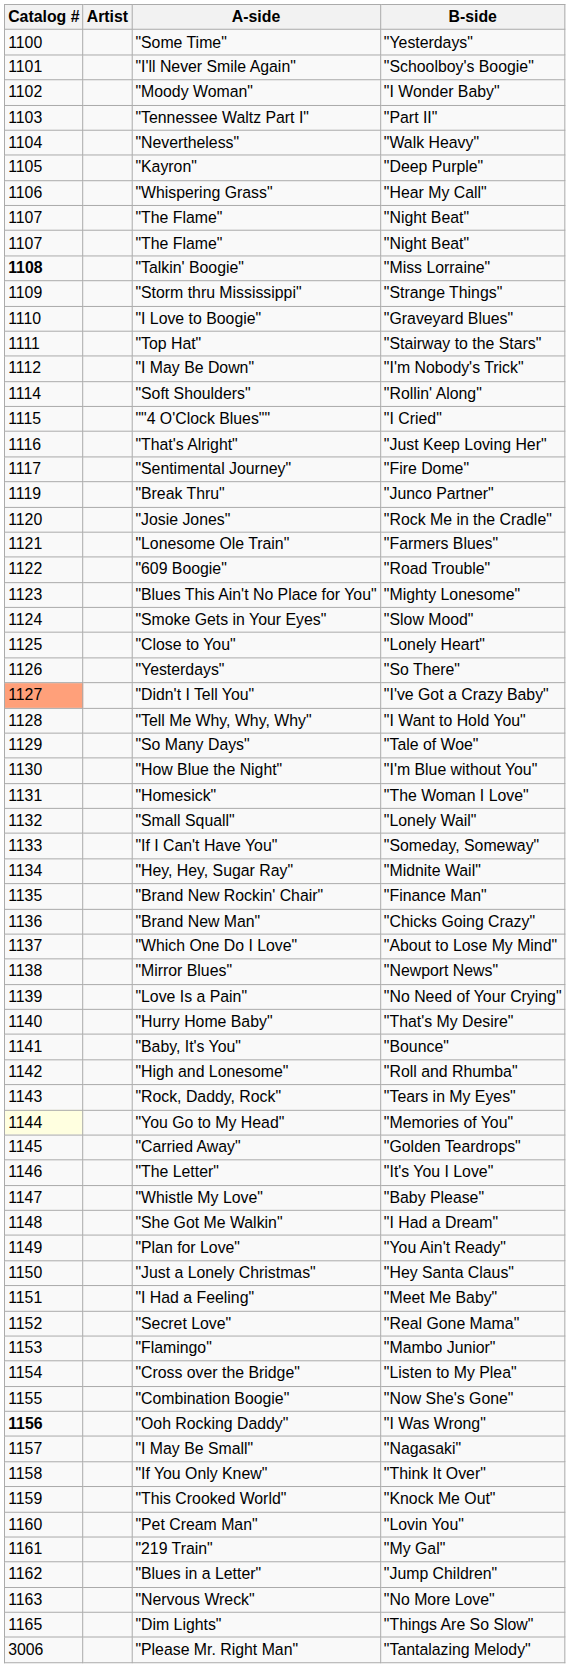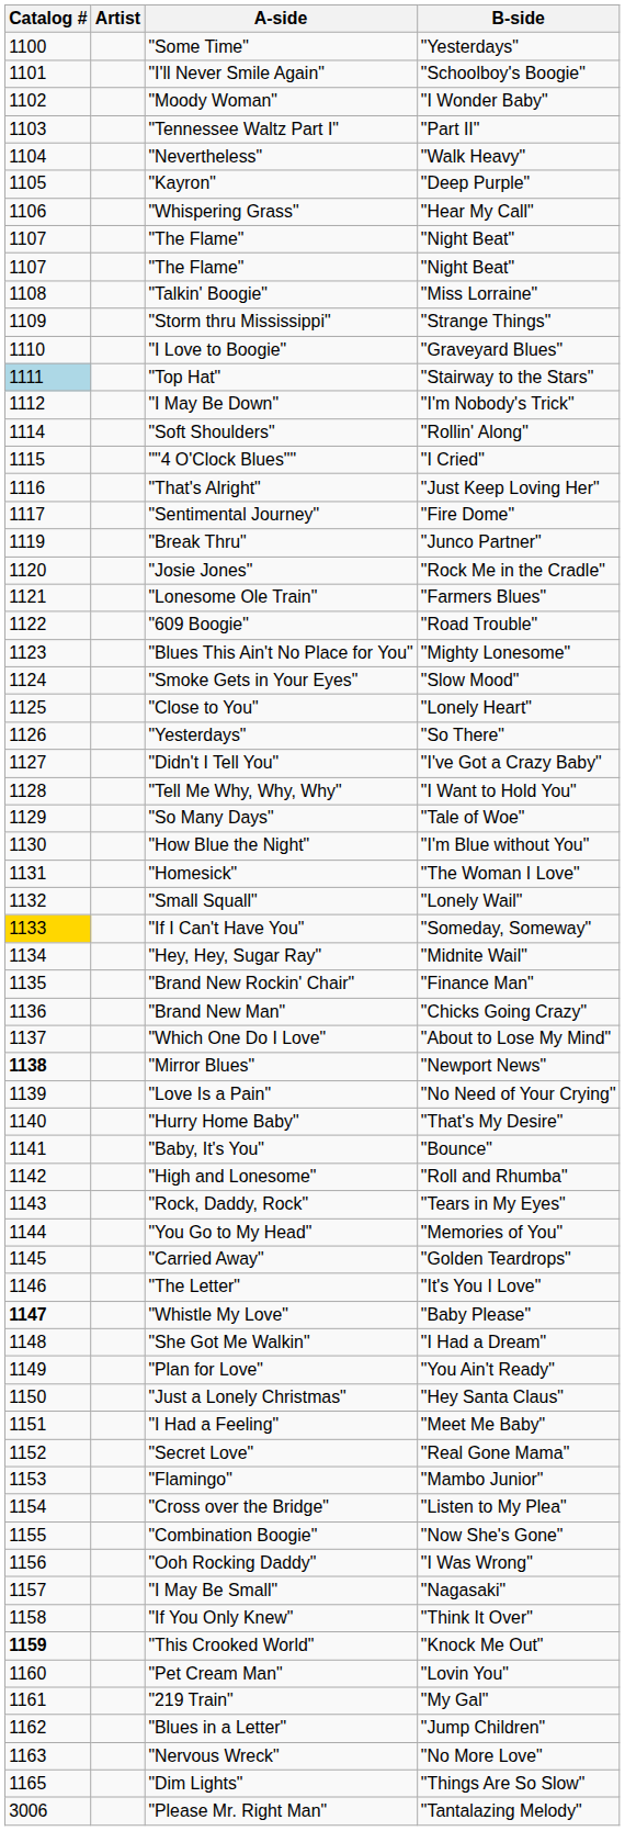 <table class="wikitable sortable">
 <tr>
 <th>Catalog #</th>
 <th>Artist</th>
 <th>A-side</th>
 <th>B-side</th>
 </tr>
 <tr>
 <td>1100</td>
 <td></td>
 <td>"Some Time"</td>
 <td>"Yesterdays"</td>
 </tr>
 <tr>
 <td>1101</td>
 <td></td>
 <td>"I'll Never Smile Again"</td>
 <td>"Schoolboy's Boogie"</td>
 </tr>
 <tr>
 <td>1102</td>
 <td></td>
 <td>"Moody Woman"</td>
 <td>"I Wonder Baby"</td>
 </tr>
 <tr>
 <td>1103</td>
 <td></td>
 <td>"Tennessee Waltz Part I"</td>
 <td>"Part II"</td>
 </tr>
 <tr>
 <td>1104</td>
 <td></td>
 <td>"Nevertheless"</td>
 <td>"Walk Heavy"</td>
 </tr>
 <tr>
 <td>1105</td>
 <td></td>
 <td>"Kayron"</td>
 <td>"Deep Purple"</td>
 </tr>
 <tr>
 <td>1106</td>
 <td></td>
 <td>"Whispering Grass"</td>
 <td>"Hear My Call"</td>
 </tr>
 <tr>
 <td>1107</td>
 <td></td>
 <td>"The Flame"</td>
 <td>"Night Beat"</td>
 </tr>
 <tr>
 <td>1107</td>
 <td></td>
 <td>"The Flame"</td>
 <td>"Night Beat"</td>
 </tr>
 <tr>
-<td><strong>1108</strong></td>
+<td>1108</td>
 <td></td>
 <td>"Talkin' Boogie"</td>
 <td>"Miss Lorraine"</td>
 </tr>
 <tr>
 <td>1109</td>
 <td></td>
 <td>"Storm thru Mississippi"</td>
 <td>"Strange Things"</td>
 </tr>
 <tr>
 <td>1110</td>
 <td></td>
 <td>"I Love to Boogie"</td>
 <td>"Graveyard Blues"</td>
 </tr>
 <tr>
-<td>1111</td>
+<td style="background: lightblue;">1111</td>
 <td></td>
 <td>"Top Hat"</td>
 <td>"Stairway to the Stars"</td>
 </tr>
 <tr>
 <td>1112</td>
 <td></td>
 <td>"I May Be Down"</td>
 <td>"I'm Nobody's Trick"</td>
 </tr>
 <tr>
 <td>1114</td>
 <td></td>
 <td>"Soft Shoulders"</td>
 <td>"Rollin' Along"</td>
 </tr>
 <tr>
 <td>1115</td>
 <td></td>
 <td>""4 O'Clock Blues""</td>
 <td>"I Cried"</td>
 </tr>
 <tr>
 <td>1116</td>
 <td></td>
 <td>"That's Alright"</td>
 <td>"Just Keep Loving Her"</td>
 </tr>
 <tr>
 <td>1117</td>
 <td></td>
 <td>"Sentimental Journey"</td>
 <td>"Fire Dome"</td>
 </tr>
 <tr>
 <td>1119</td>
 <td></td>
 <td>"Break Thru"</td>
 <td>"Junco Partner"</td>
 </tr>
 <tr>
 <td>1120</td>
 <td></td>
 <td>"Josie Jones"</td>
 <td>"Rock Me in the Cradle"</td>
 </tr>
 <tr>
 <td>1121</td>
 <td></td>
 <td>"Lonesome Ole Train"</td>
 <td>"Farmers Blues"</td>
 </tr>
 <tr>
 <td>1122</td>
 <td></td>
 <td>"609 Boogie"</td>
 <td>"Road Trouble"</td>
 </tr>
 <tr>
 <td>1123</td>
 <td></td>
 <td>"Blues This Ain't No Place for You"</td>
 <td>"Mighty Lonesome"</td>
 </tr>
 <tr>
 <td>1124</td>
 <td></td>
 <td>"Smoke Gets in Your Eyes"</td>
 <td>"Slow Mood"</td>
 </tr>
 <tr>
 <td>1125</td>
 <td></td>
 <td>"Close to You"</td>
 <td>"Lonely Heart"</td>
 </tr>
 <tr>
 <td>1126</td>
 <td></td>
 <td>"Yesterdays"</td>
 <td>"So There"</td>
 </tr>
 <tr>
-<td style="background: lightsalmon;">1127</td>
+<td>1127</td>
 <td></td>
 <td>"Didn't I Tell You"</td>
 <td>"I've Got a Crazy Baby"</td>
 </tr>
 <tr>
 <td>1128</td>
 <td></td>
 <td>"Tell Me Why, Why, Why"</td>
 <td>"I Want to Hold You"</td>
 </tr>
 <tr>
 <td>1129</td>
 <td></td>
 <td>"So Many Days"</td>
 <td>"Tale of Woe"</td>
 </tr>
 <tr>
 <td>1130</td>
 <td></td>
 <td>"How Blue the Night"</td>
 <td>"I'm Blue without You"</td>
 </tr>
 <tr>
 <td>1131</td>
 <td></td>
 <td>"Homesick"</td>
 <td>"The Woman I Love"</td>
 </tr>
 <tr>
 <td>1132</td>
 <td></td>
 <td>"Small Squall"</td>
 <td>"Lonely Wail"</td>
 </tr>
 <tr>
-<td>1133</td>
+<td style="background: gold;">1133</td>
 <td></td>
 <td>"If I Can't Have You"</td>
 <td>"Someday, Someway"</td>
 </tr>
 <tr>
 <td>1134</td>
 <td></td>
 <td>"Hey, Hey, Sugar Ray"</td>
 <td>"Midnite Wail"</td>
 </tr>
 <tr>
 <td>1135</td>
 <td></td>
 <td>"Brand New Rockin' Chair"</td>
 <td>"Finance Man"</td>
 </tr>
 <tr>
 <td>1136</td>
 <td></td>
 <td>"Brand New Man"</td>
 <td>"Chicks Going Crazy"</td>
 </tr>
 <tr>
 <td>1137</td>
 <td></td>
 <td>"Which One Do I Love"</td>
 <td>"About to Lose My Mind"</td>
 </tr>
 <tr>
-<td>1138</td>
+<td><strong>1138</strong></td>
 <td></td>
 <td>"Mirror Blues"</td>
 <td>"Newport News"</td>
 </tr>
 <tr>
 <td>1139</td>
 <td></td>
 <td>"Love Is a Pain"</td>
 <td>"No Need of Your Crying"</td>
 </tr>
 <tr>
 <td>1140</td>
 <td></td>
 <td>"Hurry Home Baby"</td>
 <td>"That's My Desire"</td>
 </tr>
 <tr>
 <td>1141</td>
 <td></td>
 <td>"Baby, It's You"</td>
 <td>"Bounce"</td>
 </tr>
 <tr>
 <td>1142</td>
 <td></td>
 <td>"High and Lonesome"</td>
 <td>"Roll and Rhumba"</td>
 </tr>
 <tr>
 <td>1143</td>
 <td></td>
 <td>"Rock, Daddy, Rock"</td>
 <td>"Tears in My Eyes"</td>
 </tr>
 <tr>
-<td style="background: lightyellow;">1144</td>
+<td>1144</td>
 <td></td>
 <td>"You Go to My Head"</td>
 <td>"Memories of You"</td>
 </tr>
 <tr>
 <td>1145</td>
 <td></td>
 <td>"Carried Away"</td>
 <td>"Golden Teardrops"</td>
 </tr>
 <tr>
 <td>1146</td>
 <td></td>
 <td>"The Letter"</td>
 <td>"It's You I Love"</td>
 </tr>
 <tr>
-<td>1147</td>
+<td><strong>1147</strong></td>
 <td></td>
 <td>"Whistle My Love"</td>
 <td>"Baby Please"</td>
 </tr>
 <tr>
 <td>1148</td>
 <td></td>
 <td>"She Got Me Walkin"</td>
 <td>"I Had a Dream"</td>
 </tr>
 <tr>
 <td>1149</td>
 <td></td>
 <td>"Plan for Love"</td>
 <td>"You Ain't Ready"</td>
 </tr>
 <tr>
 <td>1150</td>
 <td></td>
 <td>"Just a Lonely Christmas"</td>
 <td>"Hey Santa Claus"</td>
 </tr>
 <tr>
 <td>1151</td>
 <td></td>
 <td>"I Had a Feeling"</td>
 <td>"Meet Me Baby"</td>
 </tr>
 <tr>
 <td>1152</td>
 <td></td>
 <td>"Secret Love"</td>
 <td>"Real Gone Mama"</td>
 </tr>
 <tr>
 <td>1153</td>
 <td></td>
 <td>"Flamingo"</td>
 <td>"Mambo Junior"</td>
 </tr>
 <tr>
 <td>1154</td>
 <td></td>
 <td>"Cross over the Bridge"</td>
 <td>"Listen to My Plea"</td>
 </tr>
 <tr>
 <td>1155</td>
 <td></td>
 <td>"Combination Boogie"</td>
 <td>"Now She's Gone"</td>
 </tr>
 <tr>
-<td><strong>1156</strong></td>
+<td>1156</td>
 <td></td>
 <td>"Ooh Rocking Daddy"</td>
 <td>"I Was Wrong"</td>
 </tr>
 <tr>
 <td>1157</td>
 <td></td>
 <td>"I May Be Small"</td>
 <td>"Nagasaki"</td>
 </tr>
 <tr>
 <td>1158</td>
 <td></td>
 <td>"If You Only Knew"</td>
 <td>"Think It Over"</td>
 </tr>
 <tr>
-<td>1159</td>
+<td><strong>1159</strong></td>
 <td></td>
 <td>"This Crooked World"</td>
 <td>"Knock Me Out"</td>
 </tr>
 <tr>
 <td>1160</td>
 <td></td>
 <td>"Pet Cream Man"</td>
 <td>"Lovin You"</td>
 </tr>
 <tr>
 <td>1161</td>
 <td></td>
 <td>"219 Train"</td>
 <td>"My Gal"</td>
 </tr>
 <tr>
 <td>1162</td>
 <td></td>
 <td>"Blues in a Letter"</td>
 <td>"Jump Children"</td>
 </tr>
 <tr>
 <td>1163</td>
 <td></td>
 <td>"Nervous Wreck"</td>
 <td>"No More Love"</td>
 </tr>
 <tr>
 <td>1165</td>
 <td></td>
 <td>"Dim Lights"</td>
 <td>"Things Are So Slow"</td>
 </tr>
 <tr>
 <td>3006</td>
 <td></td>
 <td>"Please Mr. Right Man"</td>
 <td>"Tantalazing Melody"</td>
 </tr>
 </table>
